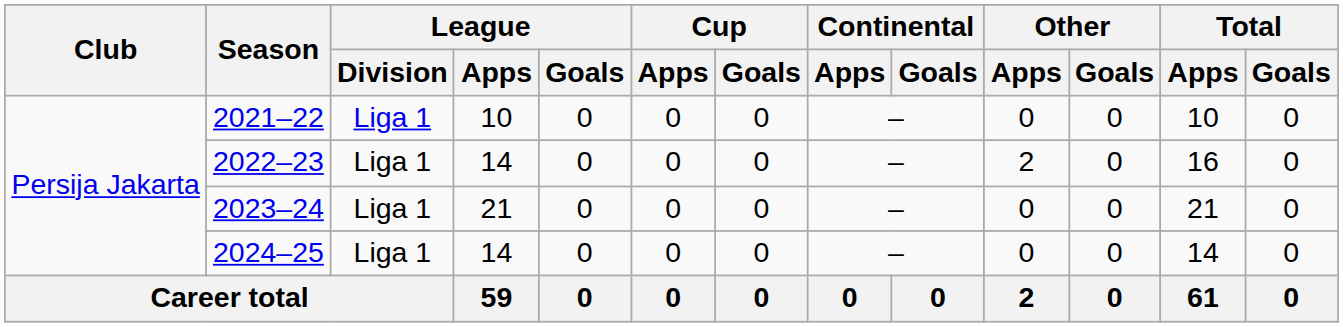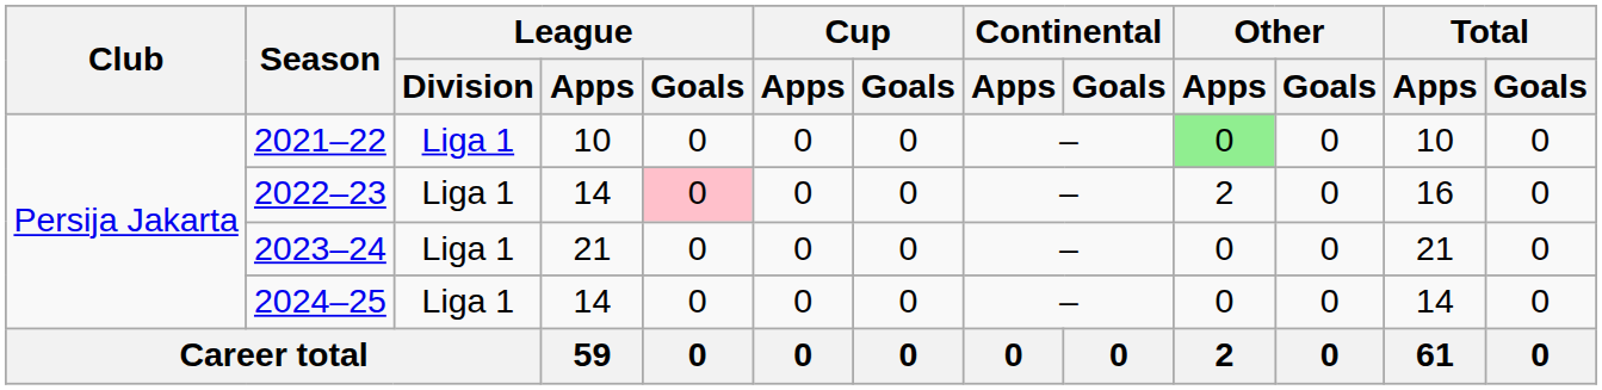 <table class="wikitable" style="text-align: center">
 <tr>
 <th rowspan="2">Club</th>
 <th rowspan="2">Season</th>
 <th colspan="3">League</th>
 <th colspan="2">Cup</th>
 <th colspan="2">Continental</th>
 <th colspan="2">Other</th>
 <th colspan="2">Total</th>
 </tr>
 <tr>
 <th>Division</th>
 <th>Apps</th>
 <th>Goals</th>
 <th>Apps</th>
 <th>Goals</th>
 <th>Apps</th>
 <th>Goals</th>
 <th>Apps</th>
 <th>Goals</th>
 <th>Apps</th>
 <th>Goals</th>
 </tr>
 <tr>
 <td rowspan="4"><a href='#'>Persija Jakarta</a></td>
 <td><a href='#'>2021–22</a></td>
 <td rowspan="1" valign="center"><a href='#'>Liga 1</a></td>
 <td>10</td>
 <td>0</td>
 <td>0</td>
 <td>0</td>
 <td colspan="2">–</td>
-<td>0</td>
+<td style="background: lightgreen;">0</td>
 <td>0</td>
 <td>10</td>
 <td>0</td>
 </tr>
 <tr>
 <td><a href='#'>2022–23</a></td>
 <td>Liga 1</td>
 <td>14</td>
-<td>0</td>
+<td style="background: pink;">0</td>
 <td>0</td>
 <td>0</td>
 <td colspan="2">–</td>
 <td>2</td>
 <td>0</td>
 <td>16</td>
 <td>0</td>
 </tr>
 <tr>
 <td><a href='#'>2023–24</a></td>
 <td>Liga 1</td>
 <td>21</td>
 <td>0</td>
 <td>0</td>
 <td>0</td>
 <td colspan="2">–</td>
 <td>0</td>
 <td>0</td>
 <td>21</td>
 <td>0</td>
 </tr>
 <tr>
 <td><a href='#'>2024–25</a></td>
 <td>Liga 1</td>
 <td>14</td>
 <td>0</td>
 <td>0</td>
 <td>0</td>
 <td colspan="2">–</td>
 <td>0</td>
 <td>0</td>
 <td>14</td>
 <td>0</td>
 </tr>
 <tr>
 <th colspan=3>Career total</th>
 <th>59</th>
 <th>0</th>
 <th>0</th>
 <th>0</th>
 <th>0</th>
 <th>0</th>
 <th>2</th>
 <th>0</th>
 <th>61</th>
 <th>0</th>
 </tr>
 </table>
